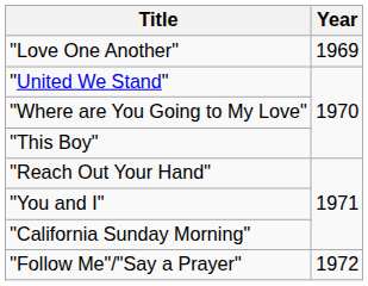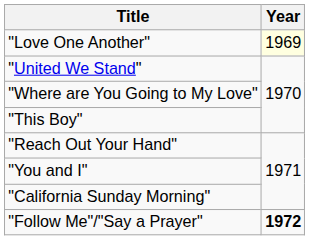 <table class="wikitable">
 <tr>
 <th>Title</th>
 <th>Year</th>
 </tr>
 <tr>
 <td>"Love One Another"</td>
-<td>1969</td>
+<td style="background: lightyellow;">1969</td>
 </tr>
 <tr>
 <td>"<a href='#'>United We Stand</a>"</td>
 <td rowspan="3">1970</td>
 </tr>
 <tr>
 <td>"Where are You Going to My Love"</td>
 </tr>
 <tr>
 <td>"This Boy"</td>
 </tr>
 <tr>
 <td>"Reach Out Your Hand"</td>
 <td rowspan="3">1971</td>
 </tr>
 <tr>
 <td>"You and I"</td>
 </tr>
 <tr>
 <td>"California Sunday Morning"</td>
 </tr>
 <tr>
 <td>"Follow Me"/"Say a Prayer"</td>
-<td>1972</td>
+<td><strong>1972</strong></td>
 </tr>
 </table>
